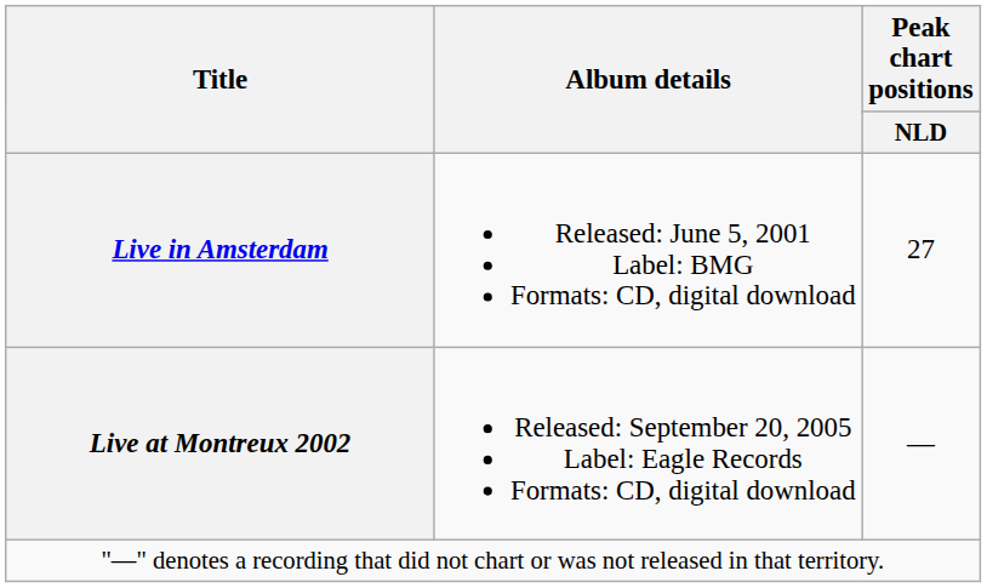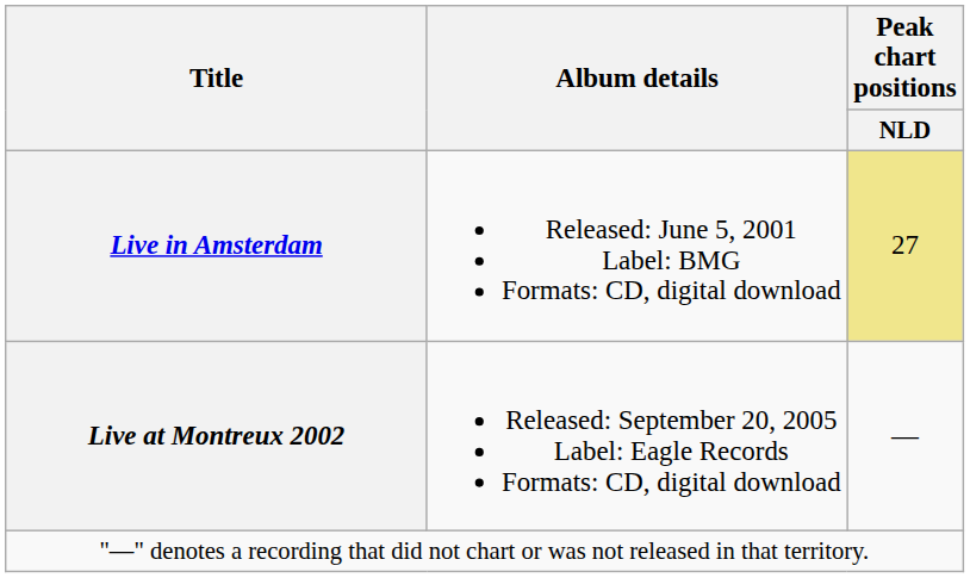 <table class="wikitable plainrowheaders" style="text-align:center;">
 <tr>
 <th scope="col" rowspan="2" style="width:15em;">Title</th>
 <th scope="col" rowspan="2">Album details</th>
 <th scope="col">Peak chart positions</th>
 </tr>
 <tr>
 <th scope="col" style="width:3em;font-size:90%;">NLD<br></th>
 </tr>
 <tr>
 <th scope="row"><em><a href='#'>Live in Amsterdam</a></em></th>
 <td><br><ul><li>Released: June 5, 2001</li><li>Label: BMG</li><li>Formats: CD, digital download</li></ul></td>
-<td>27</td>
+<td style="background: khaki;">27</td>
 </tr>
 <tr>
 <th scope="row"><em>Live at Montreux 2002</em></th>
 <td><br><ul><li>Released: September 20, 2005</li><li>Label: Eagle Records</li><li>Formats: CD, digital download</li></ul></td>
 <td>—</td>
 </tr>
 <tr>
 <td colspan="10" style="font-size:90%">"—" denotes a recording that did not chart or was not released in that territory.</td>
 </tr>
 </table>
